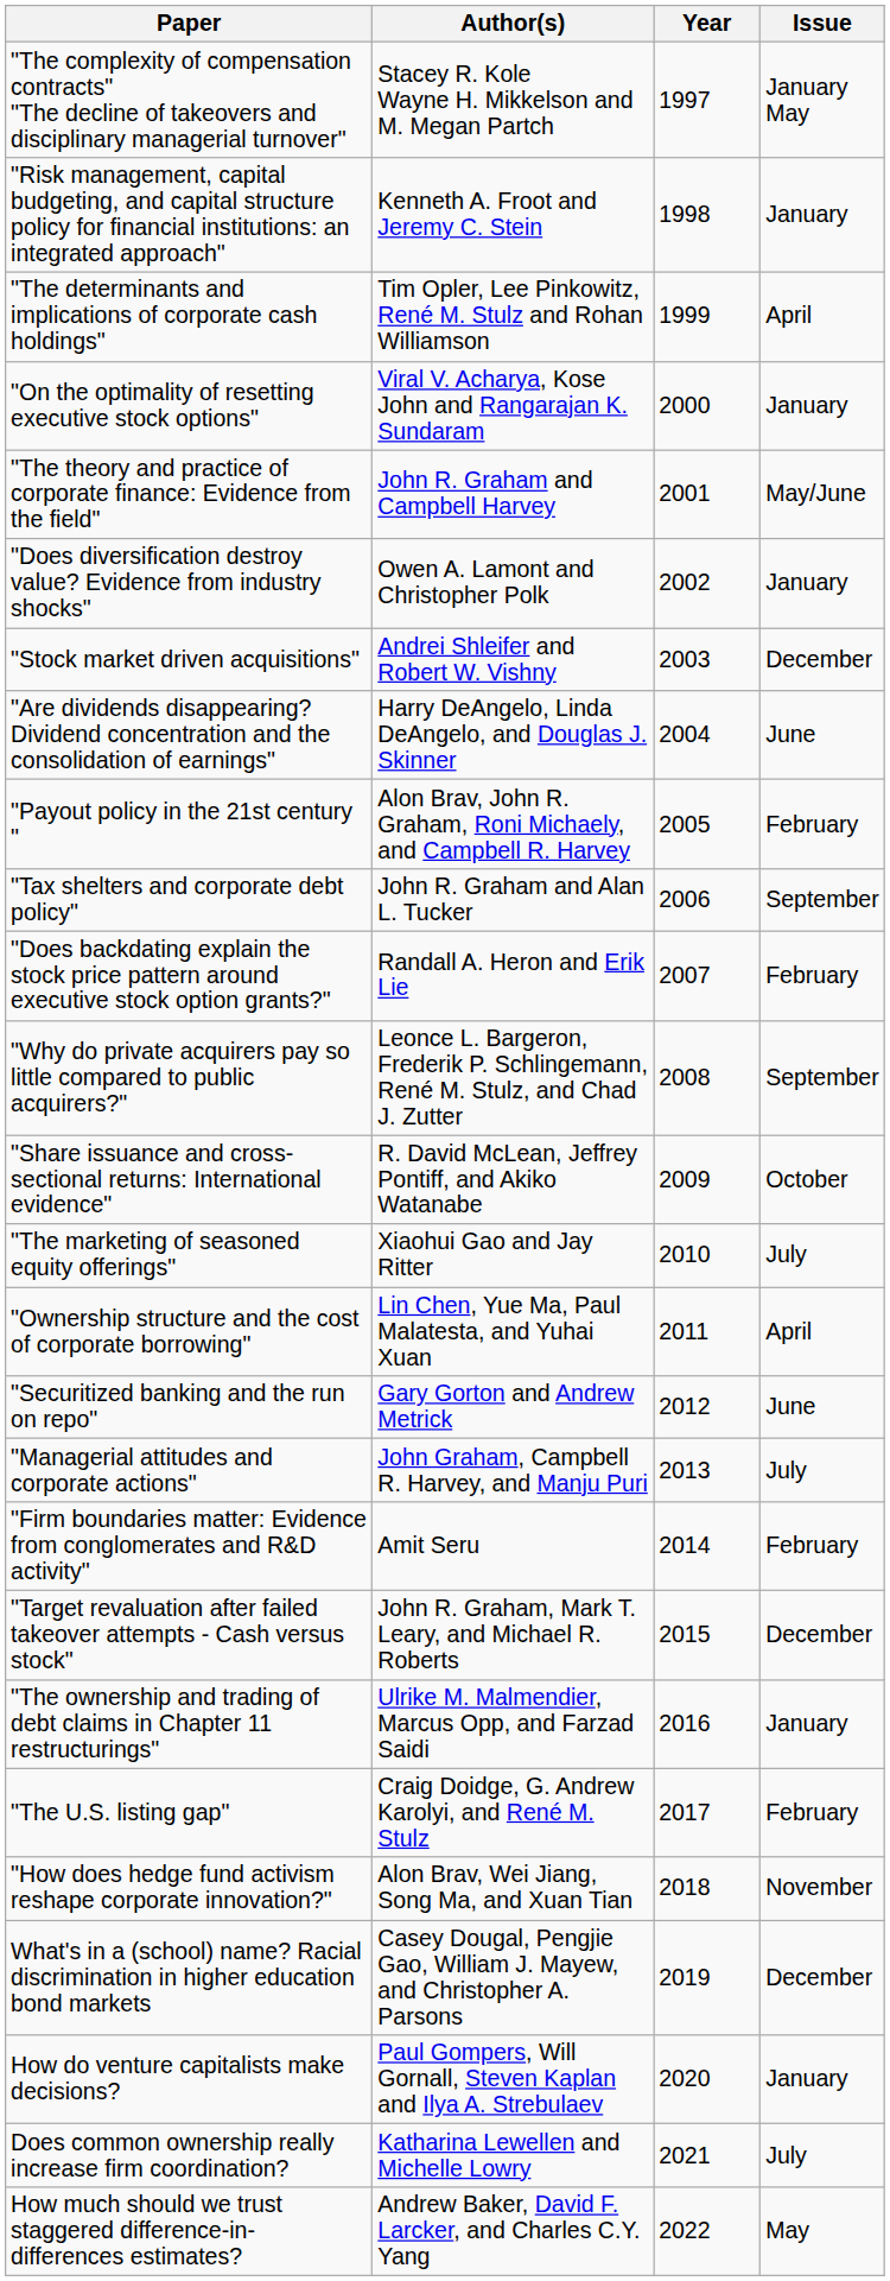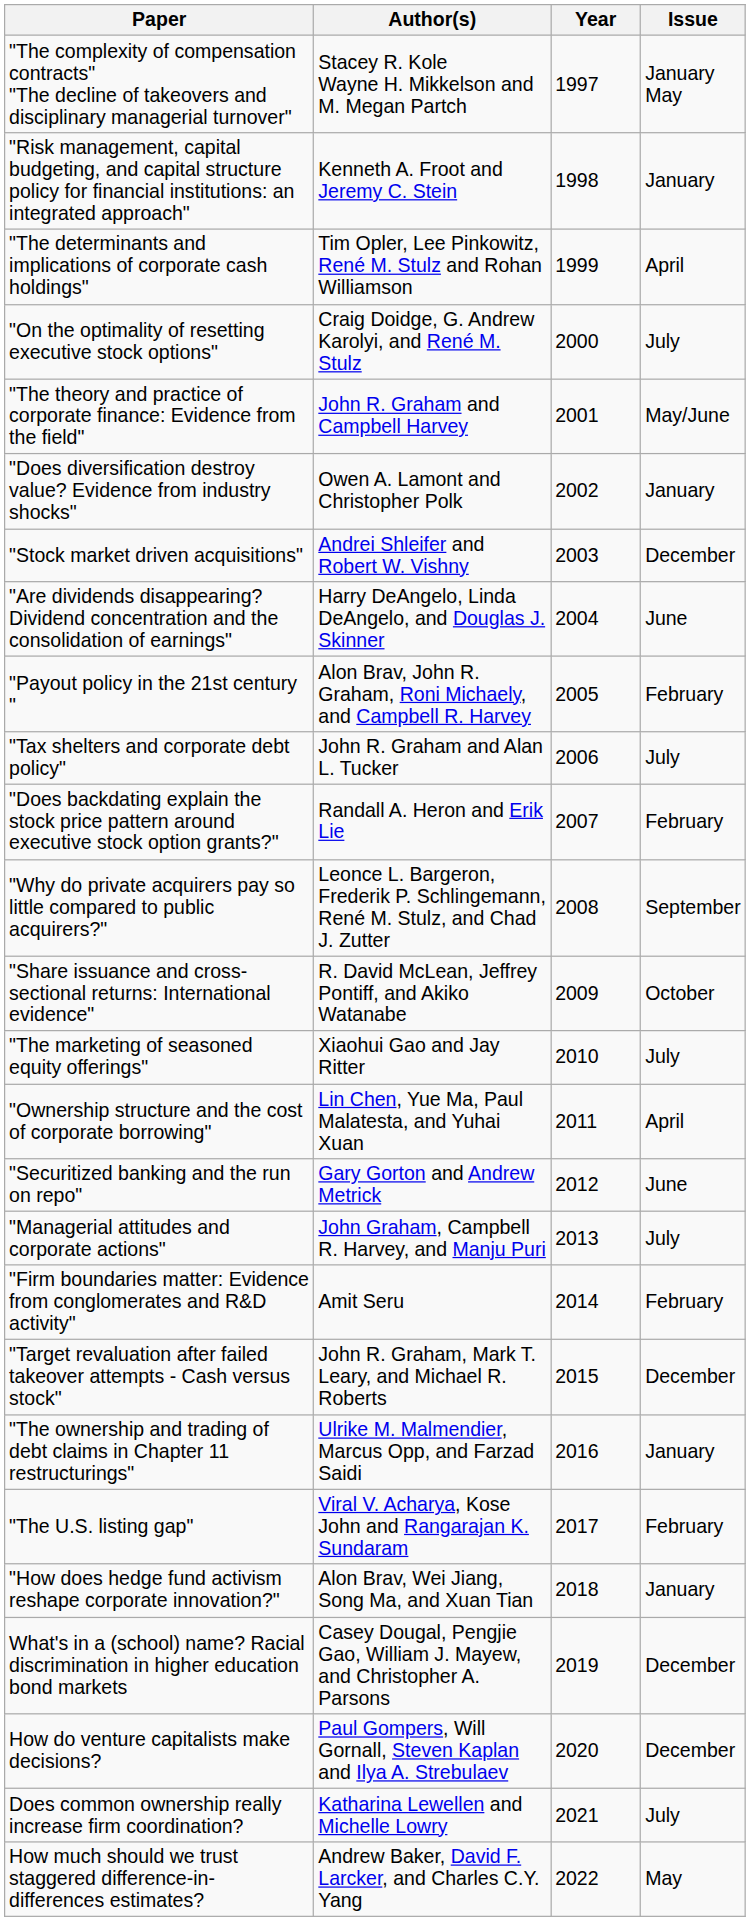 <table class="wikitable">
 <tr>
 <th width="400">Paper</th>
 <th width="275">Author(s)</th>
 <th width="100">Year</th>
 <th width="50">Issue</th>
 </tr>
 <tr>
 <td>"The complexity of compensation contracts"<br>"The decline of takeovers and disciplinary managerial turnover"</td>
 <td>Stacey R. Kole<br>Wayne H. Mikkelson and M. Megan Partch</td>
 <td>1997</td>
 <td>January<br>May</td>
 </tr>
 <tr>
 <td>"Risk management, capital budgeting, and capital structure policy for financial institutions: an integrated approach"</td>
 <td>Kenneth A. Froot and <a href='#'>Jeremy C. Stein</a></td>
 <td>1998</td>
 <td>January</td>
 </tr>
 <tr>
 <td>"The determinants and implications of corporate cash holdings"</td>
 <td>Tim Opler, Lee Pinkowitz, <a href='#'>René M. Stulz</a> and Rohan Williamson</td>
 <td>1999</td>
 <td>April</td>
 </tr>
 <tr>
 <td>"On the optimality of resetting executive stock options"</td>
-<td><a href='#'>Viral V. Acharya</a>, Kose John and <a href='#'>Rangarajan K. Sundaram</a></td>
+<td>Craig Doidge, G. Andrew Karolyi, and <a href='#'>René M. Stulz</a></td>
 <td>2000</td>
-<td>January</td>
+<td>July</td>
 </tr>
 <tr>
 <td>"The theory and practice of corporate finance: Evidence from the field"</td>
 <td><a href='#'>John R. Graham</a> and <a href='#'>Campbell Harvey</a></td>
 <td>2001</td>
 <td>May/June</td>
 </tr>
 <tr>
 <td>"Does diversification destroy value? Evidence from industry shocks"</td>
 <td>Owen A. Lamont and Christopher Polk</td>
 <td>2002</td>
 <td>January</td>
 </tr>
 <tr>
 <td>"Stock market driven acquisitions"</td>
 <td><a href='#'>Andrei Shleifer</a> and <a href='#'>Robert W. Vishny</a></td>
 <td>2003</td>
 <td>December</td>
 </tr>
 <tr>
 <td>"Are dividends disappearing? Dividend concentration and the consolidation of earnings"</td>
 <td>Harry DeAngelo, Linda DeAngelo, and <a href='#'>Douglas J. Skinner</a></td>
 <td>2004</td>
 <td>June</td>
 </tr>
 <tr>
 <td>"Payout policy in the 21st century "</td>
 <td>Alon Brav, John R. Graham, <a href='#'>Roni Michaely</a>, and <a href='#'>Campbell R. Harvey</a></td>
 <td>2005</td>
 <td>February</td>
 </tr>
 <tr>
 <td>"Tax shelters and corporate debt policy"</td>
 <td>John R. Graham and Alan L. Tucker</td>
 <td>2006</td>
-<td>September</td>
+<td>July</td>
 </tr>
 <tr>
 <td>"Does backdating explain the stock price pattern around executive stock option grants?"</td>
 <td>Randall A. Heron and <a href='#'>Erik Lie</a></td>
 <td>2007</td>
 <td>February</td>
 </tr>
 <tr>
 <td>"Why do private acquirers pay so little compared to public acquirers?"</td>
 <td>Leonce L. Bargeron, Frederik P. Schlingemann, René M. Stulz, and Chad J. Zutter</td>
 <td>2008</td>
 <td>September</td>
 </tr>
 <tr>
 <td>"Share issuance and cross-sectional returns: International evidence"</td>
 <td>R. David McLean, Jeffrey Pontiff, and Akiko Watanabe</td>
 <td>2009</td>
 <td>October</td>
 </tr>
 <tr>
 <td>"The marketing of seasoned equity offerings"</td>
 <td>Xiaohui Gao and Jay Ritter</td>
 <td>2010</td>
 <td>July</td>
 </tr>
 <tr>
 <td>"Ownership structure and the cost of corporate borrowing"</td>
 <td><a href='#'>Lin Chen</a>, Yue Ma, Paul Malatesta, and Yuhai Xuan</td>
 <td>2011</td>
 <td>April</td>
 </tr>
 <tr>
 <td>"Securitized banking and the run on repo"</td>
 <td><a href='#'>Gary Gorton</a> and <a href='#'>Andrew Metrick</a></td>
 <td>2012</td>
 <td>June</td>
 </tr>
 <tr>
 <td>"Managerial attitudes and corporate actions"</td>
 <td><a href='#'>John Graham</a>, Campbell R. Harvey, and <a href='#'>Manju Puri</a></td>
 <td>2013</td>
 <td>July</td>
 </tr>
 <tr>
 <td>"Firm boundaries matter: Evidence from conglomerates and R&D activity"</td>
 <td>Amit Seru</td>
 <td>2014</td>
 <td>February</td>
 </tr>
 <tr>
 <td>"Target revaluation after failed takeover attempts - Cash versus stock"</td>
 <td>John R. Graham, Mark T. Leary, and Michael R. Roberts</td>
 <td>2015</td>
 <td>December</td>
 </tr>
 <tr>
 <td>"The ownership and trading of debt claims in Chapter 11 restructurings"</td>
 <td><a href='#'>Ulrike M. Malmendier</a>, Marcus Opp, and Farzad Saidi</td>
 <td>2016</td>
 <td>January</td>
 </tr>
 <tr>
 <td>"The U.S. listing gap"</td>
-<td>Craig Doidge, G. Andrew Karolyi, and <a href='#'>René M. Stulz</a></td>
+<td><a href='#'>Viral V. Acharya</a>, Kose John and <a href='#'>Rangarajan K. Sundaram</a></td>
 <td>2017</td>
 <td>February</td>
 </tr>
 <tr>
 <td>"How does hedge fund activism reshape corporate innovation?"</td>
 <td>Alon Brav, Wei Jiang, Song Ma, and Xuan Tian</td>
 <td>2018</td>
-<td>November</td>
+<td>January</td>
 </tr>
 <tr>
 <td>What's in a (school) name? Racial discrimination in higher education bond markets</td>
 <td>Casey Dougal, Pengjie Gao, William J. Mayew, and Christopher A. Parsons</td>
 <td>2019</td>
 <td>December</td>
 </tr>
 <tr>
 <td>How do venture capitalists make decisions?</td>
 <td><a href='#'>Paul Gompers</a>, Will Gornall, <a href='#'>Steven Kaplan</a> and <a href='#'>Ilya A. Strebulaev</a></td>
 <td>2020</td>
-<td>January</td>
+<td>December</td>
 </tr>
 <tr>
 <td>Does common ownership really increase firm coordination?</td>
 <td><a href='#'>Katharina Lewellen</a> and <a href='#'>Michelle Lowry</a></td>
 <td>2021</td>
 <td>July</td>
 </tr>
 <tr>
 <td>How much should we trust staggered difference-in-differences estimates?</td>
 <td>Andrew Baker, <a href='#'>David F. Larcker</a>, and Charles C.Y. Yang</td>
 <td>2022</td>
 <td>May</td>
 </tr>
 </table>
